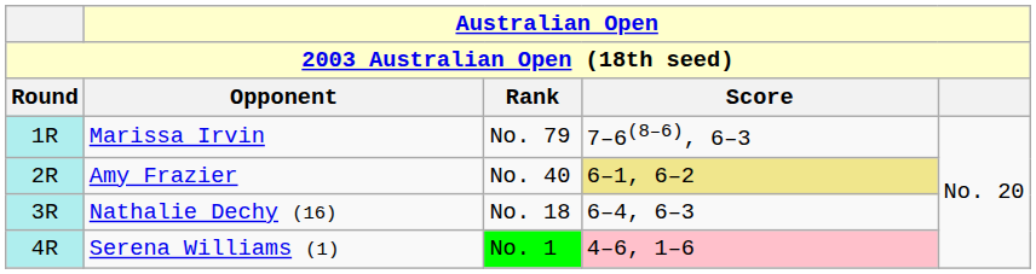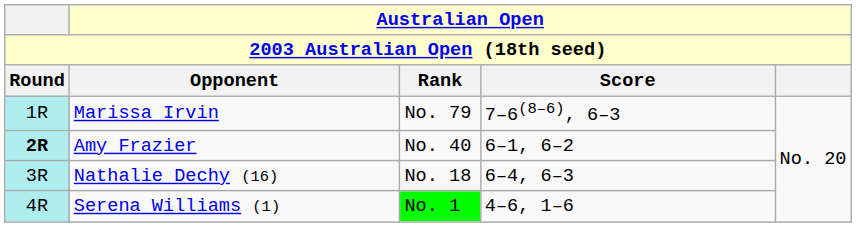 <table class="wikitable collapsible collapsed">
 <tr>
 <th></th>
 <th colspan=4 style="background:#ffc;"><a href='#'>Australian Open</a></th>
 </tr>
 <tr>
 <th colspan=5 style="background:#ffc;"><a href='#'>2003 Australian Open</a> (18th seed)</th>
 </tr>
 <tr>
 <th>Round</th>
 <th width=225>Opponent</th>
 <th width=50>Rank</th>
 <th width=200>Score</th>
 <th></th>
 </tr>
 <tr>
 <td style="text-align:center; background:#afeeee;">1R</td>
 <td> <a href='#'>Marissa Irvin</a></td>
 <td>No. 79</td>
 <td>7–6<sup>(8–6)</sup>, 6–3</td>
 <td rowspan=4>No. 20</td>
 </tr>
 <tr>
-<td style="text-align:center; background:#afeeee;">2R</td>
+<td style="text-align:center; background:#afeeee;"><strong>2R</strong></td>
 <td> <a href='#'>Amy Frazier</a></td>
 <td>No. 40</td>
-<td style="background: khaki;">6–1, 6–2</td>
+<td>6–1, 6–2</td>
 </tr>
 <tr>
 <td style="text-align:center; background:#afeeee;">3R</td>
 <td> <a href='#'>Nathalie Dechy</a> <small>(16)</small></td>
 <td>No. 18</td>
 <td>6–4, 6–3</td>
 </tr>
 <tr>
 <td style="text-align:center; background:#afeeee;">4R</td>
 <td> <a href='#'>Serena Williams</a> <small>(1)</small></td>
 <td bgcolor=lime>No. 1</td>
-<td style="background: pink;">4–6, 1–6</td>
+<td>4–6, 1–6</td>
 </tr>
 </table>
